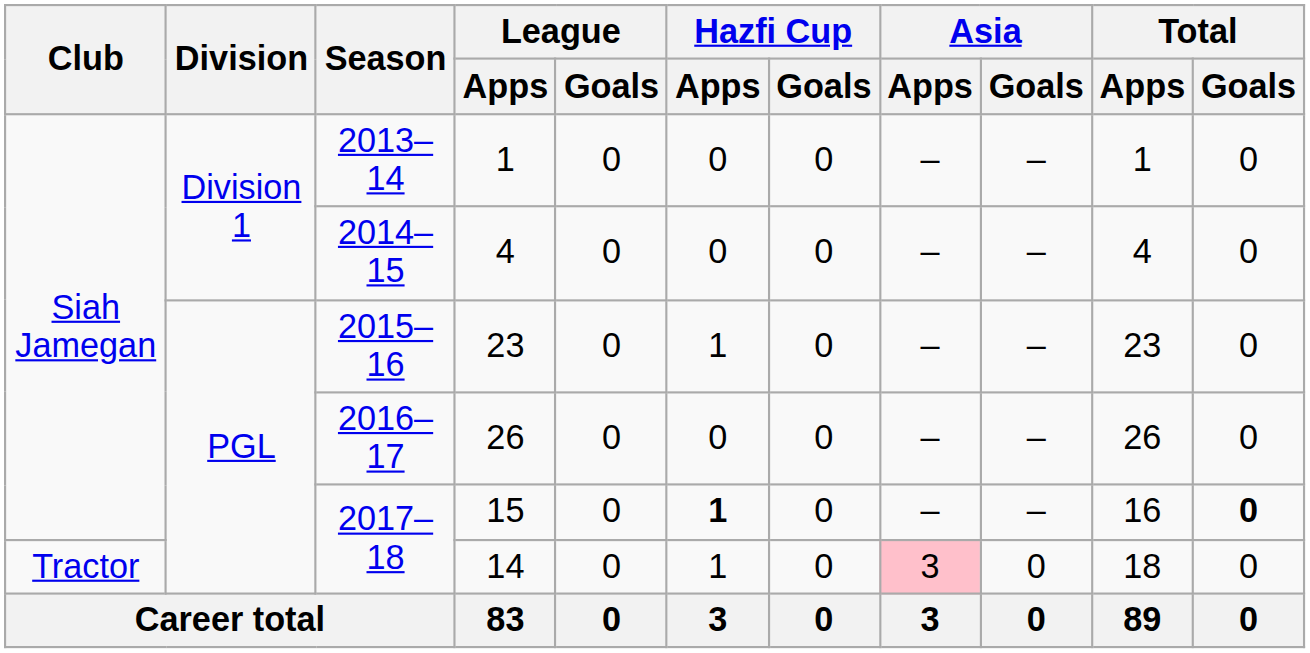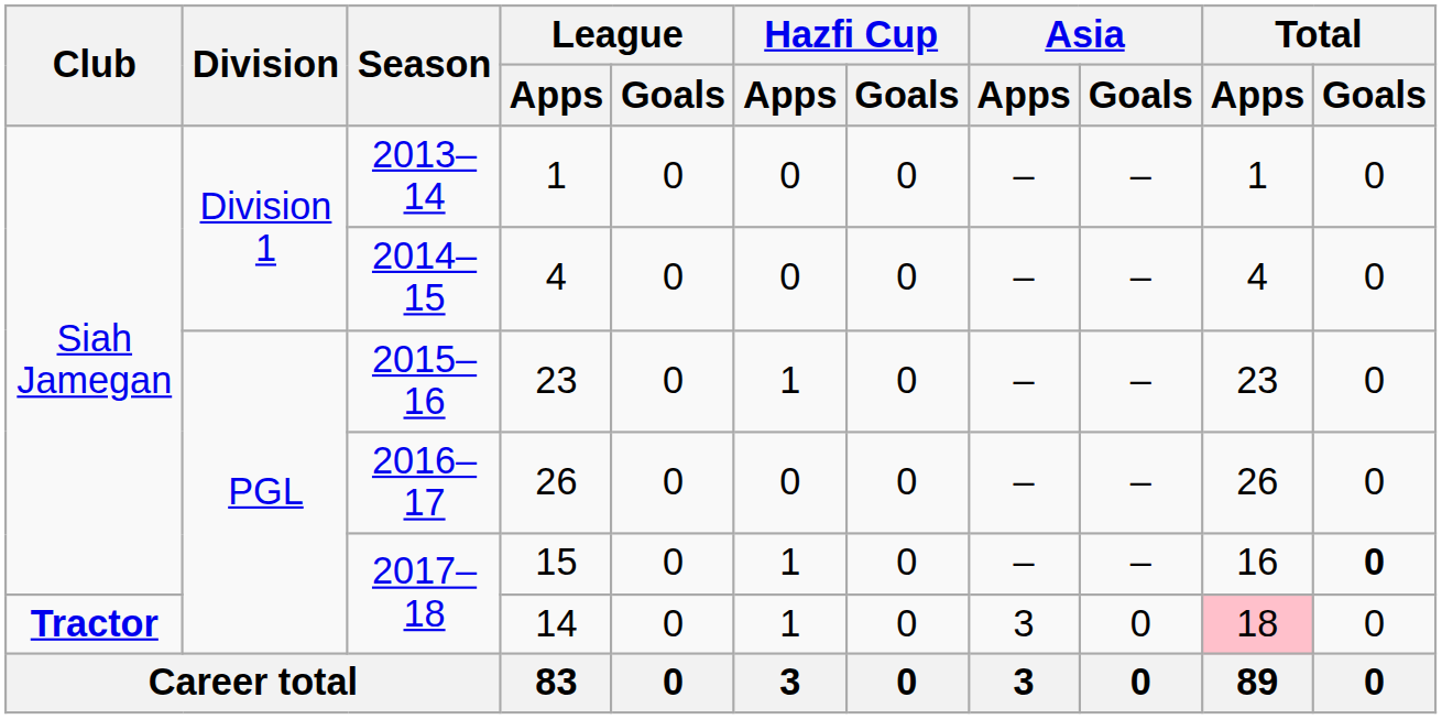 <table class="wikitable" style="text-align: center;">
 <tr>
 <th rowspan="2">Club</th>
 <th rowspan="2">Division</th>
 <th rowspan="2">Season</th>
 <th colspan="2">League</th>
 <th colspan="2"><a href='#'>Hazfi Cup</a></th>
 <th colspan="2"><a href='#'>Asia</a></th>
 <th colspan="2">Total</th>
 </tr>
 <tr>
 <th>Apps</th>
 <th>Goals</th>
 <th>Apps</th>
 <th>Goals</th>
 <th>Apps</th>
 <th>Goals</th>
 <th>Apps</th>
 <th>Goals</th>
 </tr>
 <tr>
 <td rowspan="5"><a href='#'>Siah Jamegan</a></td>
 <td rowspan="2"><a href='#'>Division 1</a></td>
 <td><a href='#'>2013–14</a></td>
 <td>1</td>
 <td>0</td>
 <td>0</td>
 <td>0</td>
 <td>–</td>
 <td>–</td>
 <td>1</td>
 <td>0</td>
 </tr>
 <tr>
 <td><a href='#'>2014–15</a></td>
 <td>4</td>
 <td>0</td>
 <td>0</td>
 <td>0</td>
 <td>–</td>
 <td>–</td>
 <td>4</td>
 <td>0</td>
 </tr>
 <tr>
 <td rowspan="4"><a href='#'>PGL</a></td>
 <td><a href='#'>2015–16</a></td>
 <td>23</td>
 <td>0</td>
 <td>1</td>
 <td>0</td>
 <td>–</td>
 <td>–</td>
 <td>23</td>
 <td>0</td>
 </tr>
 <tr>
 <td><a href='#'>2016–17</a></td>
 <td>26</td>
 <td>0</td>
 <td>0</td>
 <td>0</td>
 <td>–</td>
 <td>–</td>
 <td>26</td>
 <td>0</td>
 </tr>
 <tr>
 <td rowspan="2"><a href='#'>2017–18</a></td>
 <td>15</td>
 <td>0</td>
-<td><strong>1</strong></td>
+<td>1</td>
 <td>0</td>
 <td>–</td>
 <td>–</td>
 <td>16</td>
 <td><strong>0</strong></td>
 </tr>
 <tr>
-<td rowspan="1"><a href='#'>Tractor</a></td>
+<td rowspan="1"><strong><a href='#'>Tractor</a></strong></td>
 <td>14</td>
 <td>0</td>
 <td>1</td>
 <td>0</td>
-<td style="background: pink;">3</td>
+<td>3</td>
 <td>0</td>
-<td>18</td>
+<td style="background: pink;">18</td>
 <td>0</td>
 </tr>
 <tr>
 <th colspan=3>Career total</th>
 <th>83</th>
 <th>0</th>
 <th>3</th>
 <th>0</th>
 <th>3</th>
 <th>0</th>
 <th>89</th>
 <th>0</th>
 </tr>
 </table>
